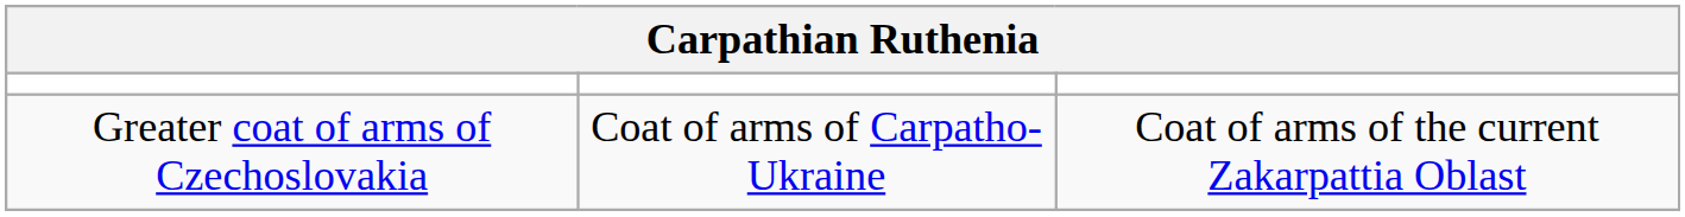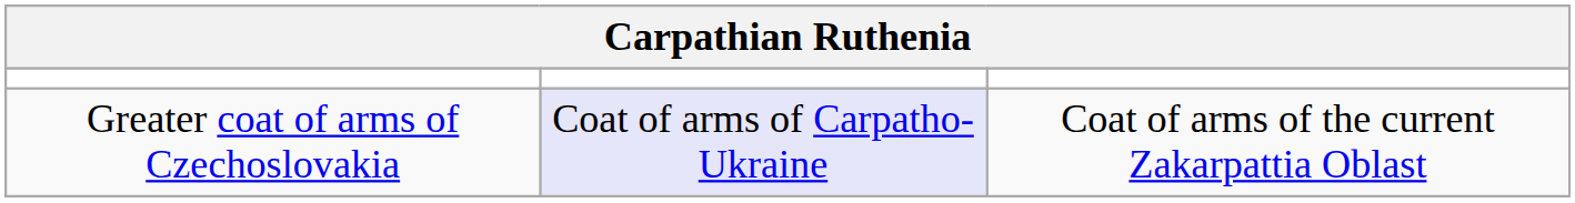 <table class="wikitable" style="margin:0.3em auto">
 <tr>
 <th class="hintergrundfarbe8" colspan="4">Carpathian Ruthenia</th>
 </tr>
 <tr align="center" bgcolor="#FFFFFF">
 <td></td>
 <td></td>
 <td></td>
 </tr>
 <tr class="hintergrundfarbe8" align="center">
 <td>Greater <a href='#'>coat of arms of Czechoslovakia</a></td>
-<td>Coat of arms of <a href='#'>Carpatho-Ukraine</a></td>
+<td style="background: lavender;">Coat of arms of <a href='#'>Carpatho-Ukraine</a></td>
 <td>Coat of arms of the current <a href='#'>Zakarpattia Oblast</a></td>
 </tr>
 </table>
